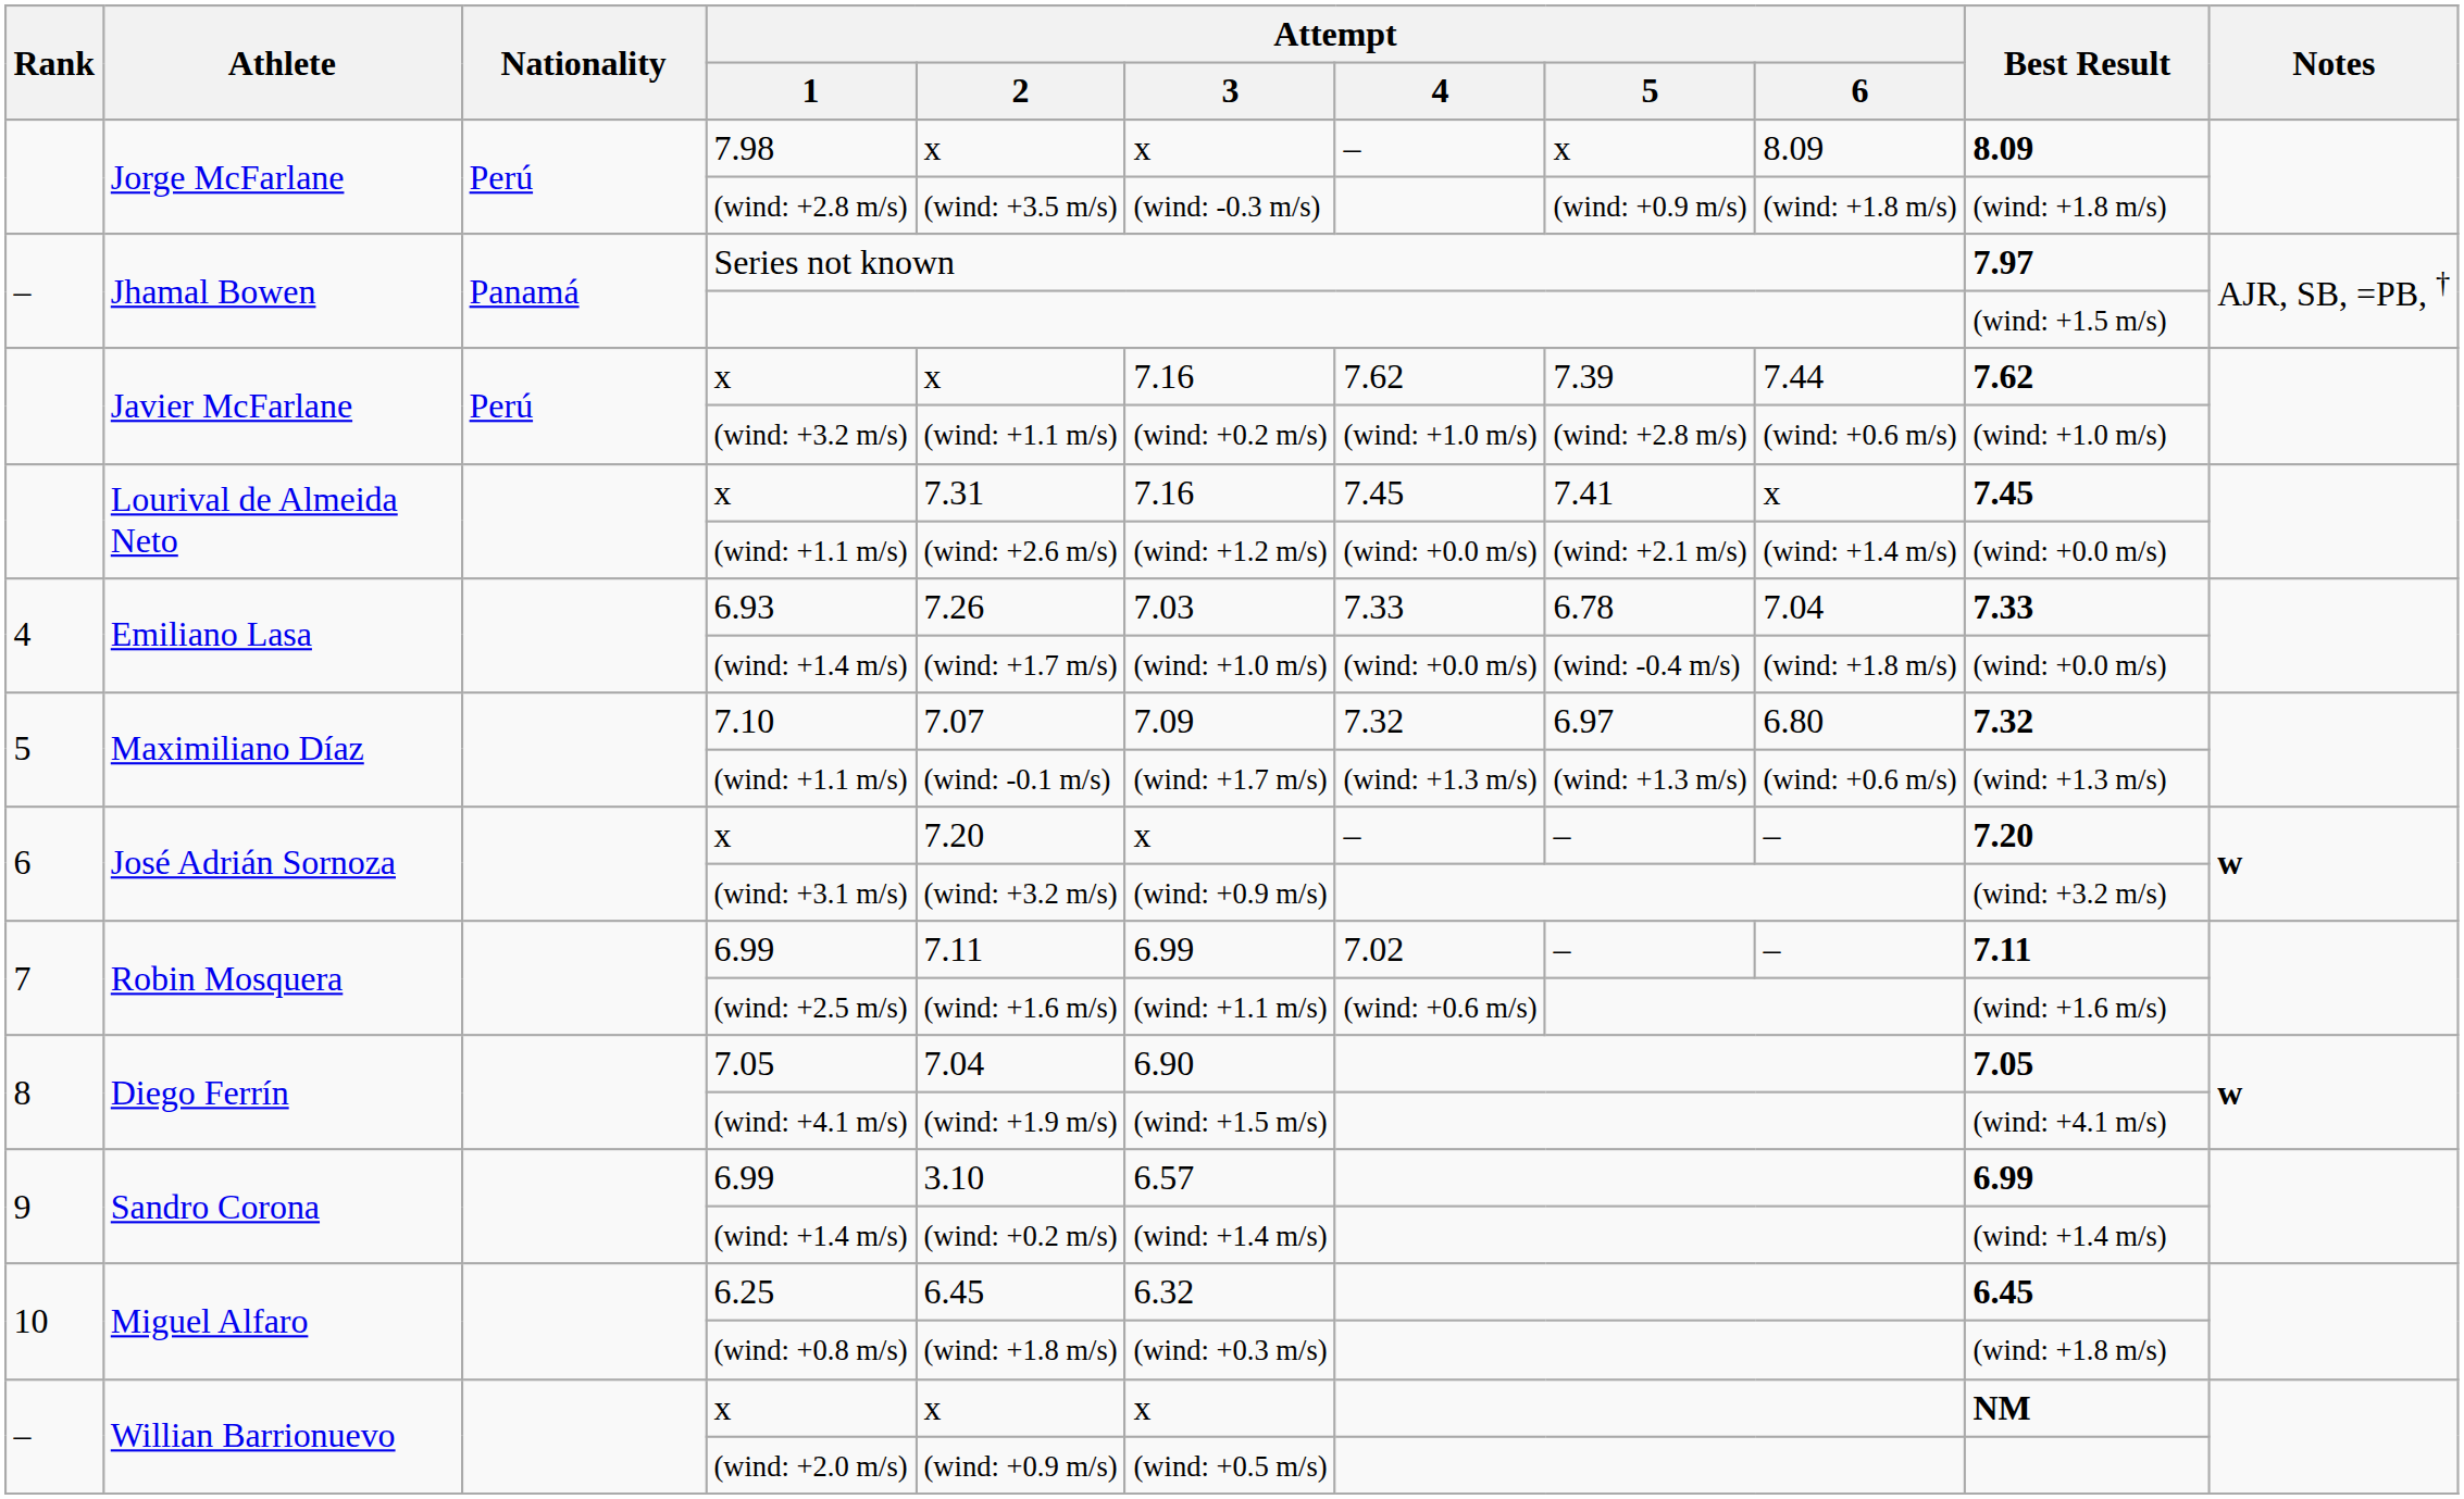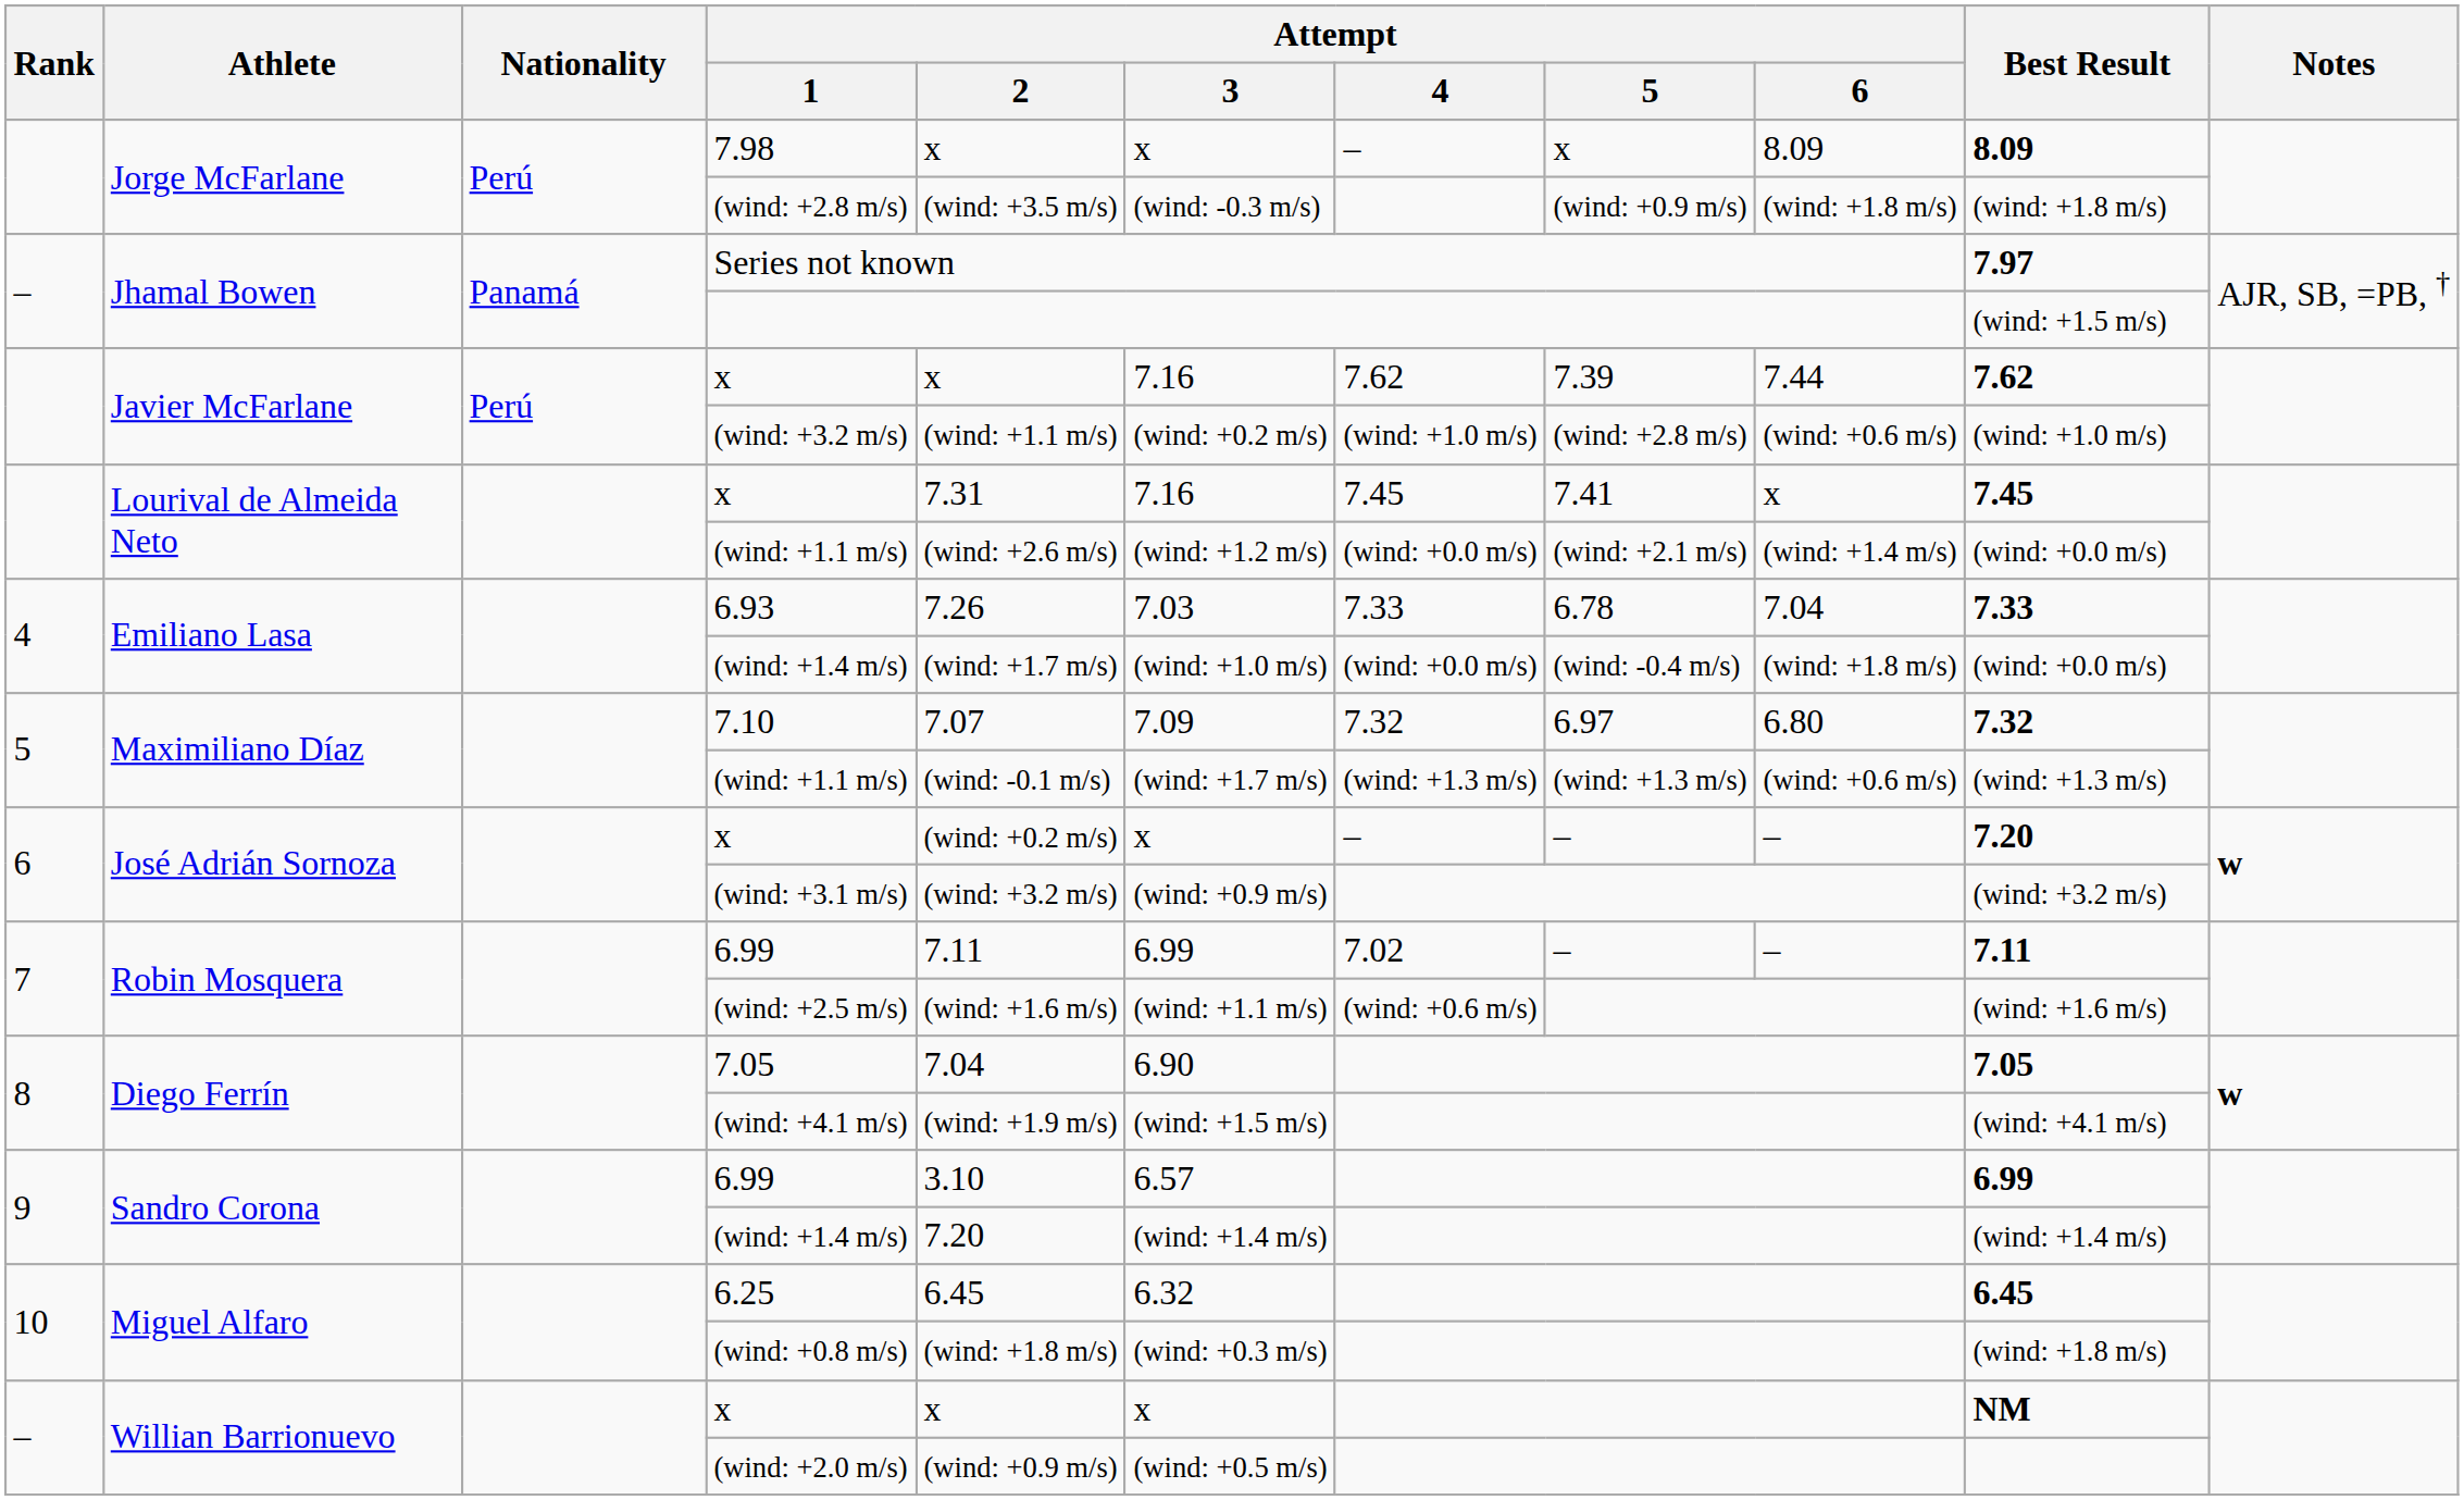 <table class="wikitable" style="font-size:95%" style="width:35em;" style="text-align:center">
 <tr>
 <th rowspan=2>Rank</th>
 <th rowspan=2 width=150>Athlete</th>
 <th rowspan=2 width=100>Nationality</th>
 <th colspan=6 width=300>Attempt</th>
 <th rowspan=2 width=100>Best Result</th>
 <th rowspan=2>Notes</th>
 </tr>
 <tr>
 <th>1</th>
 <th>2</th>
 <th>3</th>
 <th>4</th>
 <th>5</th>
 <th>6</th>
 </tr>
 <tr>
 <td rowspan=2></td>
 <td rowspan=2 align=left><a href='#'>Jorge McFarlane</a></td>
 <td rowspan=2 align=left> <a href='#'>Perú</a></td>
 <td>7.98</td>
 <td>x</td>
 <td>x</td>
 <td>–</td>
 <td>x</td>
 <td>8.09</td>
 <td><strong>8.09</strong></td>
 <td rowspan=2></td>
 </tr>
 <tr>
 <td><small>(wind: +2.8 m/s)</small></td>
 <td><small>(wind: +3.5 m/s)</small></td>
 <td><small>(wind: -0.3 m/s)</small></td>
 <td></td>
 <td><small>(wind: +0.9 m/s)</small></td>
 <td><small>(wind: +1.8 m/s)</small></td>
 <td><small>(wind: +1.8 m/s)</small></td>
 </tr>
 <tr>
 <td rowspan=2>–</td>
 <td rowspan=2 align=left><a href='#'>Jhamal Bowen</a></td>
 <td rowspan=2 align=left> <a href='#'>Panamá</a></td>
 <td colspan=6>Series not known</td>
 <td><strong>7.97</strong></td>
 <td rowspan=2>AJR, SB, =PB, <sup>†</sup></td>
 </tr>
 <tr>
 <td colspan=6></td>
 <td><small>(wind: +1.5 m/s)</small></td>
 </tr>
 <tr>
 <td rowspan=2></td>
 <td rowspan=2 align=left><a href='#'>Javier McFarlane</a></td>
 <td rowspan=2 align=left> <a href='#'>Perú</a></td>
 <td>x</td>
 <td>x</td>
 <td>7.16</td>
 <td>7.62</td>
 <td>7.39</td>
 <td>7.44</td>
 <td><strong>7.62</strong></td>
 <td rowspan=2></td>
 </tr>
 <tr>
 <td><small>(wind: +3.2 m/s)</small></td>
 <td><small>(wind: +1.1 m/s)</small></td>
 <td><small>(wind: +0.2 m/s)</small></td>
 <td><small>(wind: +1.0 m/s)</small></td>
 <td><small>(wind: +2.8 m/s)</small></td>
 <td><small>(wind: +0.6 m/s)</small></td>
 <td><small>(wind: +1.0 m/s)</small></td>
 </tr>
 <tr>
 <td rowspan=2></td>
 <td rowspan=2 align=left><a href='#'>Lourival de Almeida Neto</a></td>
 <td rowspan=2 align=left></td>
 <td>x</td>
 <td>7.31</td>
 <td>7.16</td>
 <td>7.45</td>
 <td>7.41</td>
 <td>x</td>
 <td><strong>7.45</strong></td>
 <td rowspan=2></td>
 </tr>
 <tr>
 <td><small>(wind: +1.1 m/s)</small></td>
 <td><small>(wind: +2.6 m/s)</small></td>
 <td><small>(wind: +1.2 m/s)</small></td>
 <td><small>(wind: +0.0 m/s)</small></td>
 <td><small>(wind: +2.1 m/s)</small></td>
 <td><small>(wind: +1.4 m/s)</small></td>
 <td><small>(wind: +0.0 m/s)</small></td>
 </tr>
 <tr>
 <td rowspan=2>4</td>
 <td rowspan=2 align=left><a href='#'>Emiliano Lasa</a></td>
 <td rowspan=2 align=left></td>
 <td>6.93</td>
 <td>7.26</td>
 <td>7.03</td>
 <td>7.33</td>
 <td>6.78</td>
 <td>7.04</td>
 <td><strong>7.33</strong></td>
 <td rowspan=2></td>
 </tr>
 <tr>
 <td><small>(wind: +1.4 m/s)</small></td>
 <td><small>(wind: +1.7 m/s)</small></td>
 <td><small>(wind: +1.0 m/s)</small></td>
 <td><small>(wind: +0.0 m/s)</small></td>
 <td><small>(wind: -0.4 m/s)</small></td>
 <td><small>(wind: +1.8 m/s)</small></td>
 <td><small>(wind: +0.0 m/s)</small></td>
 </tr>
 <tr>
 <td rowspan=2>5</td>
 <td rowspan=2 align=left><a href='#'>Maximiliano Díaz</a></td>
 <td rowspan=2 align=left></td>
 <td>7.10</td>
 <td>7.07</td>
 <td>7.09</td>
 <td>7.32</td>
 <td>6.97</td>
 <td>6.80</td>
 <td><strong>7.32</strong></td>
 <td rowspan=2></td>
 </tr>
 <tr>
 <td><small>(wind: +1.1 m/s)</small></td>
 <td><small>(wind: -0.1 m/s)</small></td>
 <td><small>(wind: +1.7 m/s)</small></td>
 <td><small>(wind: +1.3 m/s)</small></td>
 <td><small>(wind: +1.3 m/s)</small></td>
 <td><small>(wind: +0.6 m/s)</small></td>
 <td><small>(wind: +1.3 m/s)</small></td>
 </tr>
 <tr>
 <td rowspan=2>6</td>
 <td rowspan=2 align=left><a href='#'>José Adrián Sornoza</a></td>
 <td rowspan=2 align=left></td>
 <td>x</td>
-<td>7.20</td>
+<td><small>(wind: +0.2 m/s)</small></td>
 <td>x</td>
 <td>–</td>
 <td>–</td>
 <td>–</td>
 <td><strong>7.20</strong></td>
 <td rowspan=2><strong>w</strong></td>
 </tr>
 <tr>
 <td><small>(wind: +3.1 m/s)</small></td>
 <td><small>(wind: +3.2 m/s)</small></td>
 <td><small>(wind: +0.9 m/s)</small></td>
 <td colspan=3></td>
 <td><small>(wind: +3.2 m/s)</small></td>
 </tr>
 <tr>
 <td rowspan=2>7</td>
 <td rowspan=2 align=left><a href='#'>Robin Mosquera</a></td>
 <td rowspan=2 align=left></td>
 <td>6.99</td>
 <td>7.11</td>
 <td>6.99</td>
 <td>7.02</td>
 <td>–</td>
 <td>–</td>
 <td><strong>7.11</strong></td>
 <td rowspan=2></td>
 </tr>
 <tr>
 <td><small>(wind: +2.5 m/s)</small></td>
 <td><small>(wind: +1.6 m/s)</small></td>
 <td><small>(wind: +1.1 m/s)</small></td>
 <td><small>(wind: +0.6 m/s)</small></td>
 <td colspan=2></td>
 <td><small>(wind: +1.6 m/s)</small></td>
 </tr>
 <tr>
 <td rowspan=2>8</td>
 <td rowspan=2 align=left><a href='#'>Diego Ferrín</a></td>
 <td rowspan=2 align=left></td>
 <td>7.05</td>
 <td>7.04</td>
 <td>6.90</td>
 <td colspan=3></td>
 <td><strong>7.05</strong></td>
 <td rowspan=2><strong>w</strong></td>
 </tr>
 <tr>
 <td><small>(wind: +4.1 m/s)</small></td>
 <td><small>(wind: +1.9 m/s)</small></td>
 <td><small>(wind: +1.5 m/s)</small></td>
 <td colspan=3></td>
 <td><small>(wind: +4.1 m/s)</small></td>
 </tr>
 <tr>
 <td rowspan=2>9</td>
 <td rowspan=2 align=left><a href='#'>Sandro Corona</a></td>
 <td rowspan=2 align=left></td>
 <td>6.99</td>
 <td>3.10</td>
 <td>6.57</td>
 <td colspan=3></td>
 <td><strong>6.99</strong></td>
 <td rowspan=2></td>
 </tr>
 <tr>
 <td><small>(wind: +1.4 m/s)</small></td>
-<td><small>(wind: +0.2 m/s)</small></td>
+<td>7.20</td>
 <td><small>(wind: +1.4 m/s)</small></td>
 <td colspan=3></td>
 <td><small>(wind: +1.4 m/s)</small></td>
 </tr>
 <tr>
 <td rowspan=2>10</td>
 <td rowspan=2 align=left><a href='#'>Miguel Alfaro</a></td>
 <td rowspan=2 align=left></td>
 <td>6.25</td>
 <td>6.45</td>
 <td>6.32</td>
 <td colspan=3></td>
 <td><strong>6.45</strong></td>
 <td rowspan=2></td>
 </tr>
 <tr>
 <td><small>(wind: +0.8 m/s)</small></td>
 <td><small>(wind: +1.8 m/s)</small></td>
 <td><small>(wind: +0.3 m/s)</small></td>
 <td colspan=3></td>
 <td><small>(wind: +1.8 m/s)</small></td>
 </tr>
 <tr>
 <td rowspan=2>–</td>
 <td rowspan=2 align=left><a href='#'>Willian Barrionuevo</a></td>
 <td rowspan=2 align=left></td>
 <td>x</td>
 <td>x</td>
 <td>x</td>
 <td colspan=3></td>
 <td><strong>NM</strong></td>
 <td rowspan=2></td>
 </tr>
 <tr>
 <td><small>(wind: +2.0 m/s)</small></td>
 <td><small>(wind: +0.9 m/s)</small></td>
 <td><small>(wind: +0.5 m/s)</small></td>
 <td colspan=3></td>
 <td></td>
 </tr>
 <tr>
 </tr>
 </table>
